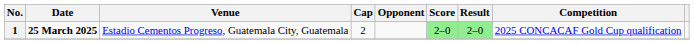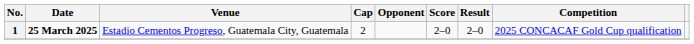 <table class="wikitable sortable">
 <tr>
 <th scope="col">No.</th>
 <th scope="col">Date</th>
 <th scope="col">Venue</th>
 <th scope="col">Cap</th>
 <th scope="col">Opponent</th>
 <th scope="col">Score</th>
 <th scope="col">Result</th>
 <th scope="col">Competition</th>
 <th scope="col" class="unsortable"></th>
 </tr>
 <tr>
 <th scope="row" style="text-align: center;">1</th>
 <td><strong>25 March 2025</strong></td>
 <td><a href='#'>Estadio Cementos Progreso</a>, Guatemala City, Guatemala</td>
 <td style="text-align: center;">2</td>
 <td></td>
-<td style="background: lightgreen; text-align: center;">2–0</td>
-<td style="background: lightgreen; text-align: center;">2–0</td>
+<td style="text-align: center;">2–0</td>
+<td style="text-align: center;">2–0</td>
 <td><a href='#'>2025 CONCACAF Gold Cup qualification</a></td>
 <td style="text-align: center;"></td>
 </tr>
 <tr>
 </tr>
 </table>
